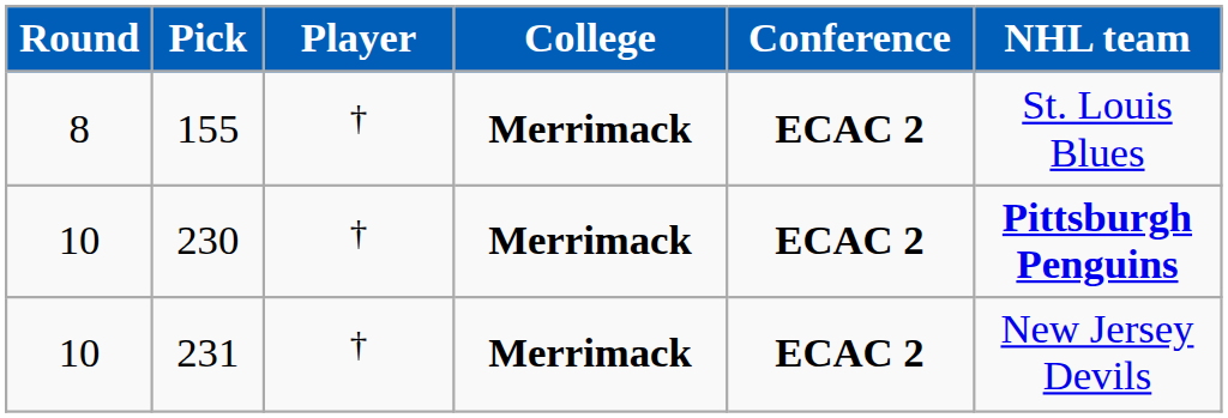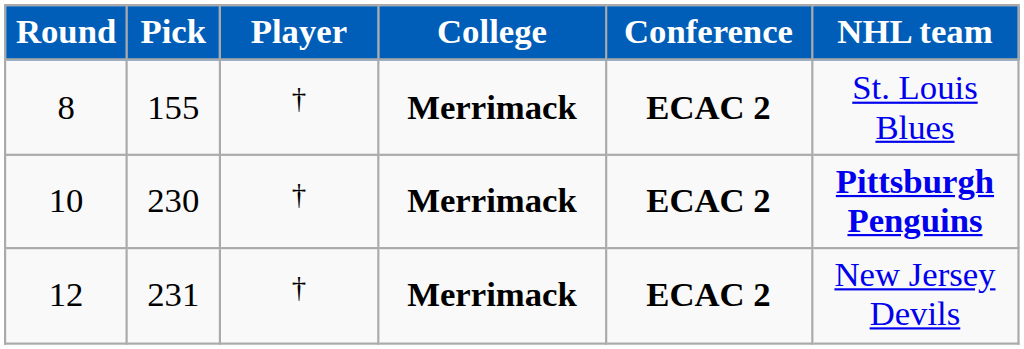 <table class="wikitable sortable" width="75%">
 <tr>
 <th style="color:white; background-color:#005EB8; width: 4em;">Round</th>
 <th style="color:white; background-color:#005EB8; width: 4em;">Pick</th>
 <th style="color:white; background-color:#005EB8; width: 12em;">Player</th>
 <th style="color:white; background-color:#005EB8; width: 13em;">College</th>
 <th style="color:white; background-color:#005EB8; width: 9em;">Conference</th>
 <th style="color:white; background-color:#005EB8; width: 11em;">NHL team</th>
 </tr>
 <tr align="center" bgcolor="">
 <td>8</td>
 <td>155</td>
 <td> <sup>†</sup></td>
 <td><strong>Merrimack</strong></td>
 <td><strong>ECAC 2</strong></td>
 <td><a href='#'>St. Louis Blues</a></td>
 </tr>
 <tr align="center" bgcolor="">
 <td>10</td>
 <td>230</td>
 <td> <sup>†</sup></td>
 <td><strong>Merrimack</strong></td>
 <td><strong>ECAC 2</strong></td>
 <td><strong><a href='#'>Pittsburgh Penguins</a></strong></td>
 </tr>
 <tr align="center" bgcolor="">
-<td>10</td>
+<td>12</td>
 <td>231</td>
 <td> <sup>†</sup></td>
 <td><strong>Merrimack</strong></td>
 <td><strong>ECAC 2</strong></td>
 <td><a href='#'>New Jersey Devils</a></td>
 </tr>
 </table>
